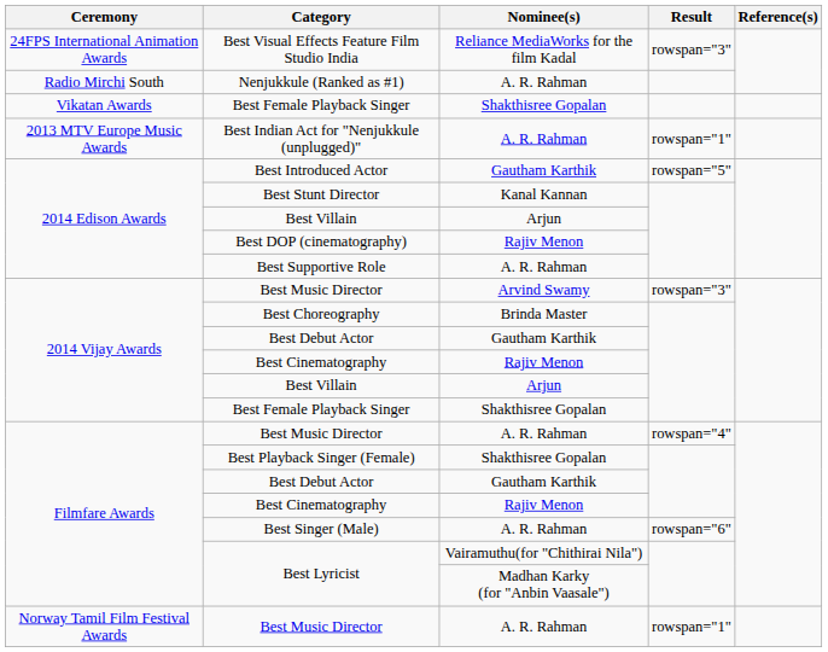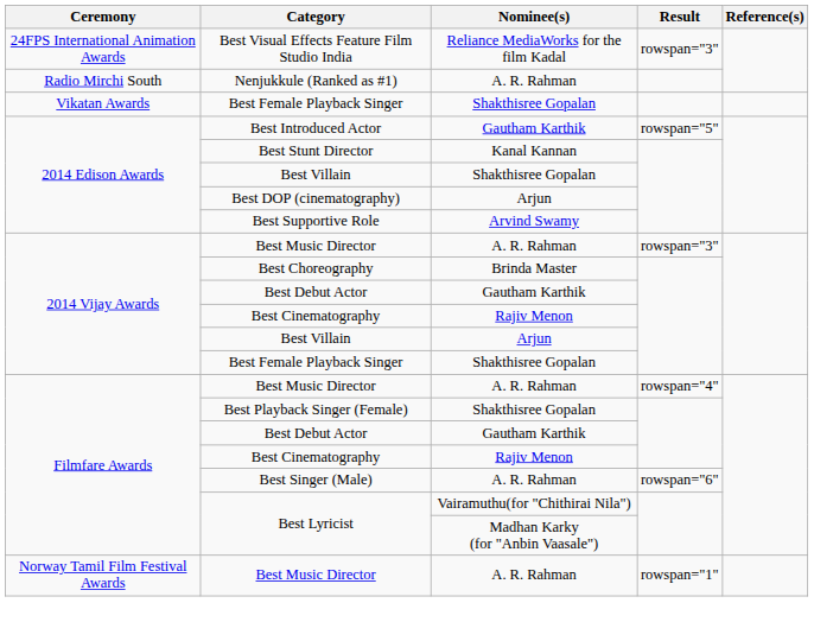 <table class="wikitable">
 <tr>
 <th>Ceremony</th>
 <th>Category</th>
 <th>Nominee(s)</th>
 <th>Result</th>
 <th>Reference(s)</th>
 </tr>
 <tr>
 <td style="text-align:center;"><a href='#'>24FPS International Animation Awards</a></td>
 <td style="text-align:center;">Best Visual Effects Feature Film Studio India</td>
 <td rowspan="1" style="text-align:center;"><a href='#'>Reliance MediaWorks</a> for the film Kadal</td>
 <td>rowspan="3" </td>
 <td align="center" rowspan="2"></td>
 </tr>
 <tr>
 <td rowspan="1" style="text-align:center;"><a href='#'>Radio Mirchi</a> South <br></td>
 <td style="text-align:center;">Nenjukkule (Ranked as #1)</td>
 <td rowspan="1" style="text-align:center;">A. R. Rahman</td>
 </tr>
 <tr>
 <td rowspan="1" style="text-align:center;"><a href='#'>Vikatan Awards</a></td>
 <td style="text-align:center;">Best Female Playback Singer</td>
 <td rowspan="1" style="text-align:center;"><a href='#'>Shakthisree Gopalan</a></td>
 <td align="center" rowspan="1"></td>
 </tr>
 <tr>
-<td rowspan="1" style="text-align:center;"><a href='#'>2013 MTV Europe Music Awards</a></td>
-<td style="text-align:center;">Best Indian Act for "Nenjukkule (unplugged)"</td>
-<td rowspan="1" style="text-align:center;"><a href='#'>A. R. Rahman</a></td>
-<td>rowspan="1" </td>
-<td align="center" rowspan="1"></td>
-</tr>
-<tr>
 <td rowspan="5" style="text-align:center;"><a href='#'>2014 Edison Awards</a></td>
 <td style="text-align:center;">Best Introduced Actor</td>
 <td style="text-align:center;"><a href='#'>Gautham Karthik</a></td>
 <td>rowspan="5" </td>
 <td align="center" rowspan="5"></td>
 </tr>
 <tr>
 <td style="text-align:center;">Best Stunt Director</td>
 <td style="text-align:center;">Kanal Kannan</td>
 </tr>
 <tr>
 <td style="text-align:center;">Best Villain</td>
+<td style="text-align:center;">Shakthisree Gopalan</td>
+</tr>
+<tr>
+<td style="text-align:center;">Best DOP (cinematography)</td>
 <td style="text-align:center;">Arjun<br></td>
 </tr>
 <tr>
-<td style="text-align:center;">Best DOP (cinematography)</td>
-<td style="text-align:center;"><a href='#'>Rajiv Menon</a></td>
-</tr>
-<tr>
 <td style="text-align:center;">Best Supportive Role</td>
-<td style="text-align:center;">A. R. Rahman</td>
+<td style="text-align:center;"><a href='#'>Arvind Swamy</a></td>
 </tr>
 <tr>
 <td rowspan="6" style="text-align:center;"><a href='#'>2014 Vijay Awards</a></td>
 <td style="text-align:center;">Best Music Director</td>
-<td style="text-align:center;"><a href='#'>Arvind Swamy</a></td>
+<td style="text-align:center;">A. R. Rahman</td>
 <td>rowspan="3" </td>
 <td align="center" rowspan="6"></td>
 </tr>
 <tr>
 <td style="text-align:center;">Best Choreography</td>
 <td style="text-align:center;">Brinda Master</td>
 </tr>
 <tr>
 <td style="text-align:center;">Best Debut Actor</td>
 <td style="text-align:center;">Gautham Karthik<br></td>
 </tr>
 <tr>
 <td style="text-align:center;">Best Cinematography</td>
 <td style="text-align:center;"><a href='#'>Rajiv Menon</a></td>
 </tr>
 <tr>
 <td style="text-align:center;">Best Villain</td>
 <td style="text-align:center;"><a href='#'>Arjun</a></td>
 </tr>
 <tr>
 <td style="text-align:center;">Best Female Playback Singer</td>
 <td style="text-align:center;">Shakthisree Gopalan</td>
 </tr>
 <tr>
 <td rowspan="7" style="text-align:center;"><a href='#'>Filmfare Awards</a></td>
 <td style="text-align:center;">Best Music Director</td>
 <td style="text-align:center;">A. R. Rahman</td>
 <td>rowspan="4" </td>
 <td align="center" rowspan="7"></td>
 </tr>
 <tr>
 <td style="text-align:center;">Best Playback Singer (Female)</td>
 <td style="text-align:center;">Shakthisree Gopalan</td>
 </tr>
 <tr>
 <td style="text-align:center;">Best Debut Actor</td>
 <td style="text-align:center;">Gautham Karthik<br></td>
 </tr>
 <tr>
 <td style="text-align:center;">Best Cinematography</td>
 <td style="text-align:center;"><a href='#'>Rajiv Menon</a></td>
 </tr>
 <tr>
 <td style="text-align:center;">Best Singer (Male)</td>
 <td style="text-align:center;">A. R. Rahman</td>
 <td>rowspan="6" </td>
 </tr>
 <tr>
 <td rowspan="2" style="text-align:center;">Best Lyricist</td>
 <td style="text-align:center;">Vairamuthu(for "Chithirai Nila")</td>
 </tr>
 <tr>
 <td style="text-align:center;">Madhan Karky<br>(for "Anbin Vaasale")</td>
 </tr>
 <tr>
 <td rowspan="1" style="text-align:center;"><a href='#'>Norway Tamil Film Festival Awards</a></td>
 <td style="text-align:center;"><a href='#'>Best Music Director</a></td>
 <td style="text-align:center;">A. R. Rahman</td>
 <td>rowspan="1" </td>
 <td style="text-align:center;"></td>
 </tr>
 </table>
